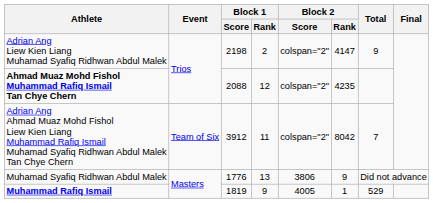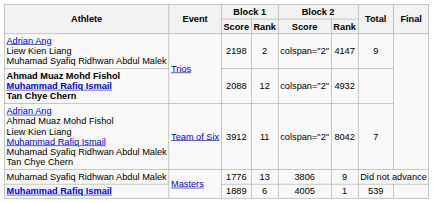 <table class="wikitable" style="font-size:90%;text-align:center">
 <tr>
 <th rowspan="2">Athlete</th>
 <th rowspan="2">Event</th>
 <th colspan="2">Block 1</th>
 <th colspan="2">Block 2</th>
 <th rowspan="2">Total</th>
 <th rowspan="2">Final</th>
 </tr>
 <tr>
 <th>Score</th>
 <th>Rank</th>
 <th>Score</th>
 <th>Rank</th>
 </tr>
 <tr>
 <td align="left"><a href='#'>Adrian Ang</a><br>Liew Kien Liang<br>Muhamad Syafiq Ridhwan Abdul Malek</td>
 <td align="left" rowspan="2"><a href='#'>Trios</a></td>
 <td>2198</td>
 <td>2</td>
 <td>colspan="2" </td>
 <td>4147</td>
 <td>9</td>
 </tr>
 <tr>
 <td align="left"><strong>Ahmad Muaz Mohd Fishol<br><a href='#'>Muhammad Rafiq Ismail</a><br>Tan Chye Chern</strong></td>
 <td>2088</td>
 <td>12</td>
 <td>colspan="2" </td>
-<td>4235</td>
+<td>4932</td>
 <td></td>
 </tr>
 <tr>
 <td align="left"><a href='#'>Adrian Ang</a><br>Ahmad Muaz Mohd Fishol<br>Liew Kien Liang<br><a href='#'>Muhammad Rafiq Ismail</a><br>Muhamad Syafiq Ridhwan Abdul Malek<br>Tan Chye Chern</td>
 <td align="left"><a href='#'>Team of Six</a></td>
 <td>3912</td>
 <td>11</td>
 <td>colspan="2" </td>
 <td>8042</td>
 <td>7</td>
 </tr>
 <tr>
 <td align="left">Muhamad Syafiq Ridhwan Abdul Malek</td>
 <td align="left" rowspan="2"><a href='#'>Masters</a></td>
 <td>1776</td>
 <td>13</td>
 <td>3806</td>
 <td>9</td>
 <td colspan="2">Did not advance</td>
 </tr>
 <tr>
 <td align="left"><strong><a href='#'>Muhammad Rafiq Ismail</a></strong></td>
-<td>1819</td>
-<td>9</td>
+<td>1889</td>
+<td>6</td>
 <td>4005</td>
 <td>1</td>
-<td>529</td>
+<td>539</td>
 <td></td>
 </tr>
 </table>
